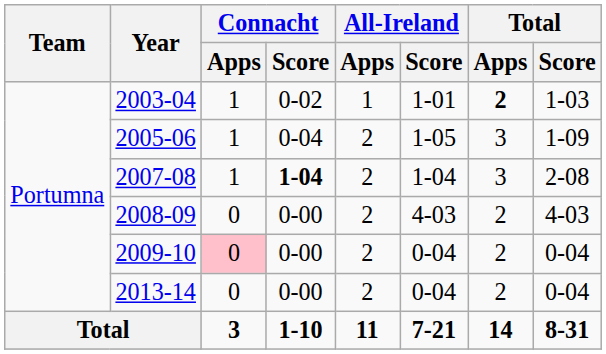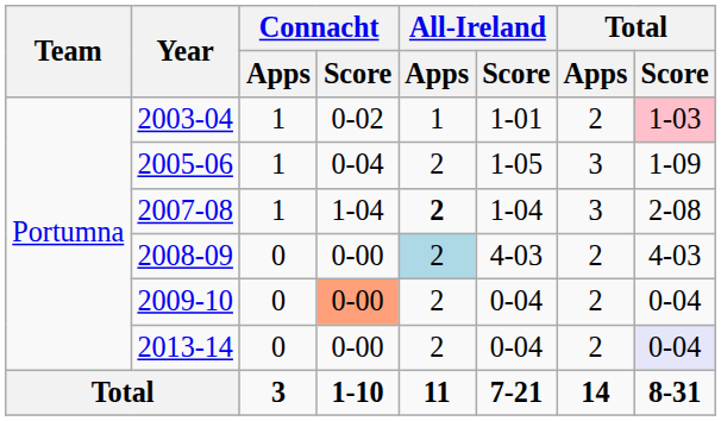 <table class="wikitable" style="text-align:center">
 <tr>
 <th rowspan="2">Team</th>
 <th rowspan="2">Year</th>
 <th colspan="2"><a href='#'>Connacht</a></th>
 <th colspan="2"><a href='#'>All-Ireland</a></th>
 <th colspan="2">Total</th>
 </tr>
 <tr>
 <th>Apps</th>
 <th>Score</th>
 <th>Apps</th>
 <th>Score</th>
 <th>Apps</th>
 <th>Score</th>
 </tr>
 <tr>
 <td rowspan="6"><a href='#'>Portumna</a></td>
 <td><a href='#'>2003-04</a></td>
 <td>1</td>
 <td>0-02</td>
 <td>1</td>
 <td>1-01</td>
-<td><strong>2</strong></td>
-<td>1-03</td>
+<td>2</td>
+<td style="background: pink;">1-03</td>
 </tr>
 <tr>
 <td><a href='#'>2005-06</a></td>
 <td>1</td>
 <td>0-04</td>
 <td>2</td>
 <td>1-05</td>
 <td>3</td>
 <td>1-09</td>
 </tr>
 <tr>
 <td><a href='#'>2007-08</a></td>
 <td>1</td>
-<td><strong>1-04</strong></td>
-<td>2</td>
+<td>1-04</td>
+<td><strong>2</strong></td>
 <td>1-04</td>
 <td>3</td>
 <td>2-08</td>
 </tr>
 <tr>
 <td><a href='#'>2008-09</a></td>
 <td>0</td>
 <td>0-00</td>
-<td>2</td>
+<td style="background: lightblue;">2</td>
 <td>4-03</td>
 <td>2</td>
 <td>4-03</td>
 </tr>
 <tr>
 <td><a href='#'>2009-10</a></td>
-<td style="background: pink;">0</td>
-<td>0-00</td>
+<td>0</td>
+<td style="background: lightsalmon;">0-00</td>
 <td>2</td>
 <td>0-04</td>
 <td>2</td>
 <td>0-04</td>
 </tr>
 <tr>
 <td><a href='#'>2013-14</a></td>
 <td>0</td>
 <td>0-00</td>
 <td>2</td>
 <td>0-04</td>
 <td>2</td>
-<td>0-04</td>
+<td style="background: lavender;">0-04</td>
 </tr>
 <tr>
 <th colspan="2">Total</th>
 <td><strong>3</strong></td>
 <td><strong>1-10</strong></td>
 <td><strong>11</strong></td>
 <td><strong>7-21</strong></td>
 <td><strong>14</strong></td>
 <td><strong>8-31</strong></td>
 </tr>
 </table>
